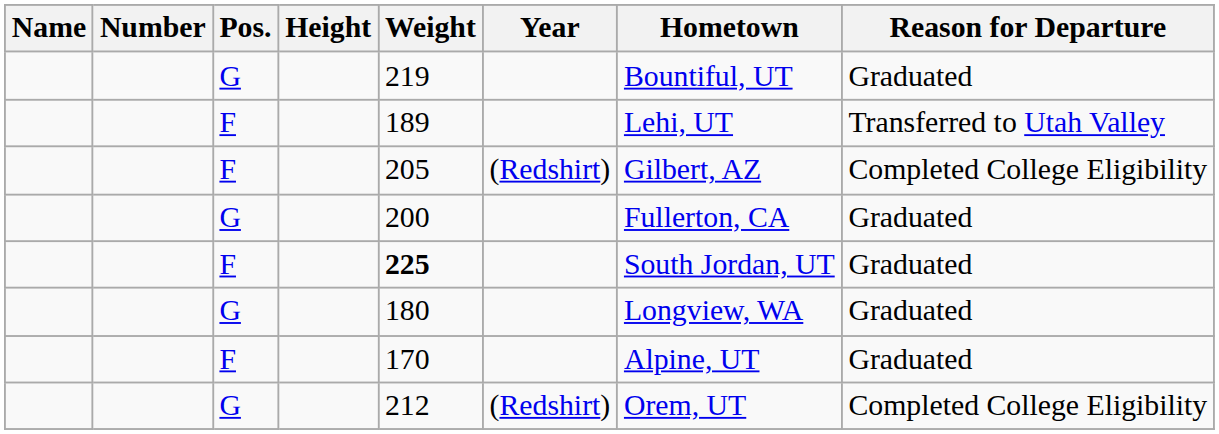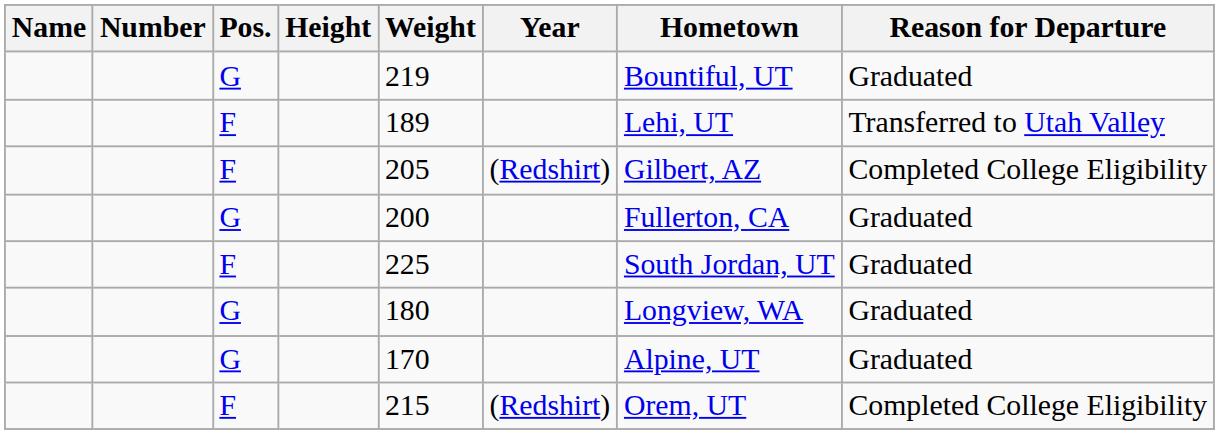 <table class="wikitable sortable">
 <tr>
 <th>Name</th>
 <th>Number</th>
 <th>Pos.</th>
 <th>Height</th>
 <th>Weight</th>
 <th>Year</th>
 <th>Hometown</th>
 <th ! class="unsortable">Reason for Departure</th>
 </tr>
 <tr>
 <td></td>
 <td></td>
 <td><a href='#'>G</a></td>
 <td></td>
 <td>219</td>
 <td></td>
 <td><a href='#'>Bountiful, UT</a></td>
 <td>Graduated</td>
 </tr>
 <tr>
 <td></td>
 <td></td>
 <td><a href='#'>F</a></td>
 <td></td>
 <td>189</td>
 <td></td>
 <td><a href='#'>Lehi, UT</a></td>
 <td>Transferred to <a href='#'>Utah Valley</a></td>
 </tr>
 <tr>
 <td></td>
 <td></td>
 <td><a href='#'>F</a></td>
 <td></td>
 <td>205</td>
 <td> (<a href='#'>Redshirt</a>)</td>
 <td><a href='#'>Gilbert, AZ</a></td>
 <td>Completed College Eligibility</td>
 </tr>
 <tr>
 <td></td>
 <td></td>
 <td><a href='#'>G</a></td>
 <td></td>
 <td>200</td>
 <td></td>
 <td><a href='#'>Fullerton, CA</a></td>
 <td>Graduated</td>
 </tr>
 <tr>
 <td></td>
 <td></td>
 <td><a href='#'>F</a></td>
 <td></td>
-<td><strong>225</strong></td>
+<td>225</td>
 <td></td>
 <td><a href='#'>South Jordan, UT</a></td>
 <td>Graduated</td>
 </tr>
 <tr>
 <td></td>
 <td></td>
 <td><a href='#'>G</a></td>
 <td></td>
 <td>180</td>
 <td></td>
 <td><a href='#'>Longview, WA</a></td>
 <td>Graduated</td>
 </tr>
 <tr>
 <td></td>
 <td></td>
-<td><a href='#'>F</a></td>
+<td><a href='#'>G</a></td>
 <td></td>
 <td>170</td>
 <td></td>
 <td><a href='#'>Alpine, UT</a></td>
 <td>Graduated</td>
 </tr>
 <tr>
 <td></td>
 <td></td>
-<td><a href='#'>G</a></td>
+<td><a href='#'>F</a></td>
 <td></td>
-<td>212</td>
+<td>215</td>
 <td> (<a href='#'>Redshirt</a>)</td>
 <td><a href='#'>Orem, UT</a></td>
 <td>Completed College Eligibility</td>
 </tr>
 </table>
